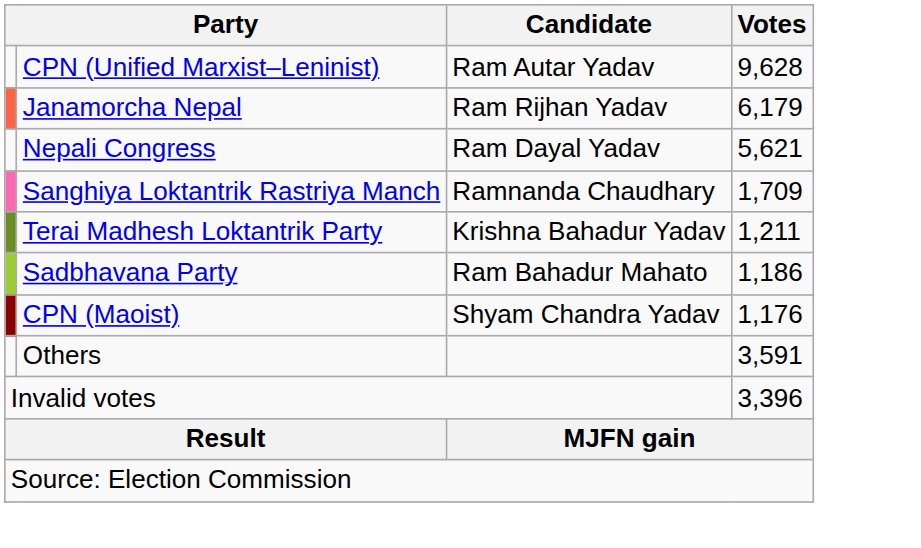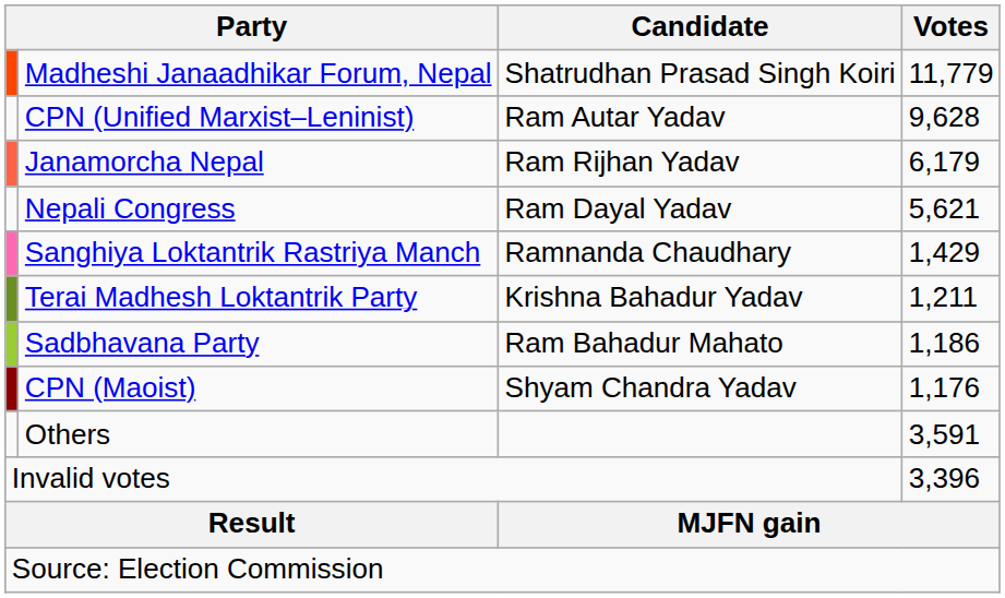 <table class="wikitable">
 <tr>
 <th colspan="2">Party</th>
 <th>Candidate</th>
 <th>Votes</th>
+</tr>
+<tr>
+<td style="background-color:orangered"></td>
+<td><a href='#'>Madheshi Janaadhikar Forum, Nepal</a></td>
+<td>Shatrudhan Prasad Singh Koiri</td>
+<td>11,779</td>
 </tr>
 <tr>
 <td style="background-color:"></td>
 <td><a href='#'>CPN (Unified Marxist–Leninist)</a></td>
 <td>Ram Autar Yadav</td>
 <td>9,628</td>
 </tr>
 <tr>
 <td style="background-color:tomato"></td>
 <td><a href='#'>Janamorcha Nepal</a></td>
 <td>Ram Rijhan Yadav</td>
 <td>6,179</td>
 </tr>
 <tr>
 <td style="background-color:"></td>
 <td><a href='#'>Nepali Congress</a></td>
 <td>Ram Dayal Yadav</td>
 <td>5,621</td>
 </tr>
 <tr>
 <td style="background-color:hotpink"></td>
 <td><a href='#'>Sanghiya Loktantrik Rastriya Manch</a></td>
 <td>Ramnanda Chaudhary</td>
-<td>1,709</td>
+<td>1,429</td>
 </tr>
 <tr>
 <td style="background-color:olivedrab"></td>
 <td><a href='#'>Terai Madhesh Loktantrik Party</a></td>
 <td>Krishna Bahadur Yadav</td>
 <td>1,211</td>
 </tr>
 <tr>
 <td style="background-color:yellowgreen"></td>
 <td><a href='#'>Sadbhavana Party</a></td>
 <td>Ram Bahadur Mahato</td>
 <td>1,186</td>
 </tr>
 <tr>
 <td style="background-color:darkred"></td>
 <td><a href='#'>CPN (Maoist)</a></td>
 <td>Shyam Chandra Yadav</td>
 <td>1,176</td>
 </tr>
 <tr>
 <td></td>
 <td>Others</td>
 <td></td>
 <td>3,591</td>
 </tr>
 <tr>
 <td colspan="3">Invalid votes</td>
 <td>3,396</td>
 </tr>
 <tr>
 <th colspan="2">Result</th>
 <th colspan="2">MJFN gain</th>
 </tr>
 <tr>
 <td colspan="4">Source: Election Commission</td>
 </tr>
 </table>
